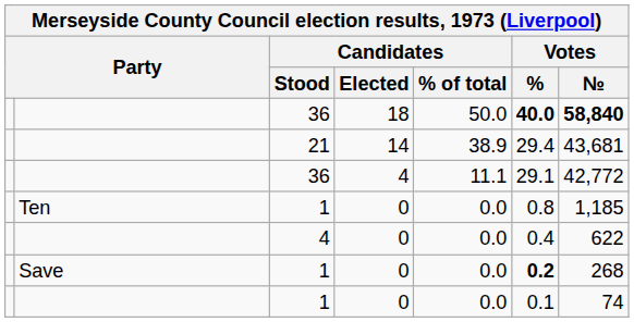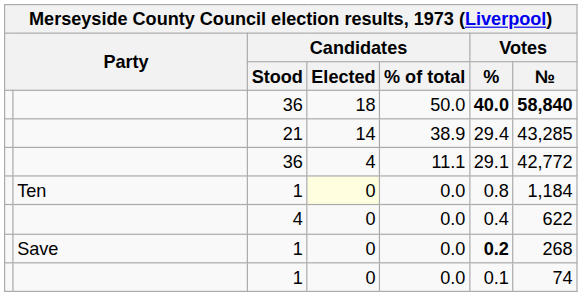 <table class="wikitable" style="font-size:95%">
 <tr>
 <th colspan="16" style="background-color:#f2f2f2">Merseyside County Council election results, 1973 (<a href='#'>Liverpool</a>)</th>
 </tr>
 <tr style="vertical-align:center;">
 <th colspan="2" rowspan="2">Party</th>
 <th colspan="3" style="width: 30px">Candidates</th>
 <th colspan="2" style="width: 30px">Votes</th>
 </tr>
 <tr>
 <th>Stood</th>
 <th>Elected</th>
 <th>% of total</th>
 <th>%</th>
 <th>№</th>
 </tr>
 <tr>
 <td style="background-color: "></td>
 <td style="width: 190px"><a href='#'></a></td>
 <td style="text-align:right; ">36</td>
 <td style="text-align:right; ">18</td>
 <td style="text-align:right; ">50.0</td>
 <td style="text-align:right; "><strong>40.0</strong></td>
 <td style="text-align:right; "><strong>58,840</strong></td>
 </tr>
 <tr>
 <td style="background-color: "></td>
 <td style="width: 190px"><a href='#'></a></td>
 <td style="text-align:right; ">21</td>
 <td style="text-align:right; ">14</td>
 <td style="text-align:right; ">38.9</td>
 <td style="text-align:right; ">29.4</td>
-<td style="text-align:right; ">43,681</td>
+<td style="text-align:right; ">43,285</td>
 </tr>
 <tr>
 <td style="background-color: "></td>
 <td style="width: 190px"><a href='#'></a></td>
 <td style="text-align:right; ">36</td>
 <td style="text-align:right; ">4</td>
 <td style="text-align:right; ">11.1</td>
 <td style="text-align:right; ">29.1</td>
 <td style="text-align:right; ">42,772</td>
 </tr>
 <tr>
 <td style="background-color: "></td>
 <td style="width: 190px">Ten</td>
 <td style="text-align:right; ">1</td>
-<td style="text-align:right; ">0</td>
+<td style="background: lightyellow; text-align:right; ">0</td>
 <td style="text-align:right; ">0.0</td>
 <td style="text-align:right; ">0.8</td>
-<td style="text-align:right; ">1,185</td>
+<td style="text-align:right; ">1,184</td>
 </tr>
 <tr>
 <td style="background-color: "></td>
 <td style="width: 190px"><a href='#'></a></td>
 <td style="text-align:right; ">4</td>
 <td style="text-align:right; ">0</td>
 <td style="text-align:right; ">0.0</td>
 <td style="text-align:right; ">0.4</td>
 <td style="text-align:right; ">622</td>
 </tr>
 <tr>
 <td style="background-color: "></td>
 <td style="width: 190px">Save</td>
 <td style="text-align:right; ">1</td>
 <td style="text-align:right; ">0</td>
 <td style="text-align:right; ">0.0</td>
 <td style="text-align:right; "><strong>0.2</strong></td>
 <td style="text-align:right; ">268</td>
 </tr>
 <tr>
 <td style="background-color: "></td>
 <td style="width: 190px"><a href='#'></a></td>
 <td style="text-align:right; ">1</td>
 <td style="text-align:right; ">0</td>
 <td style="text-align:right; ">0.0</td>
 <td style="text-align:right; ">0.1</td>
 <td style="text-align:right; ">74</td>
 </tr>
 </table>
